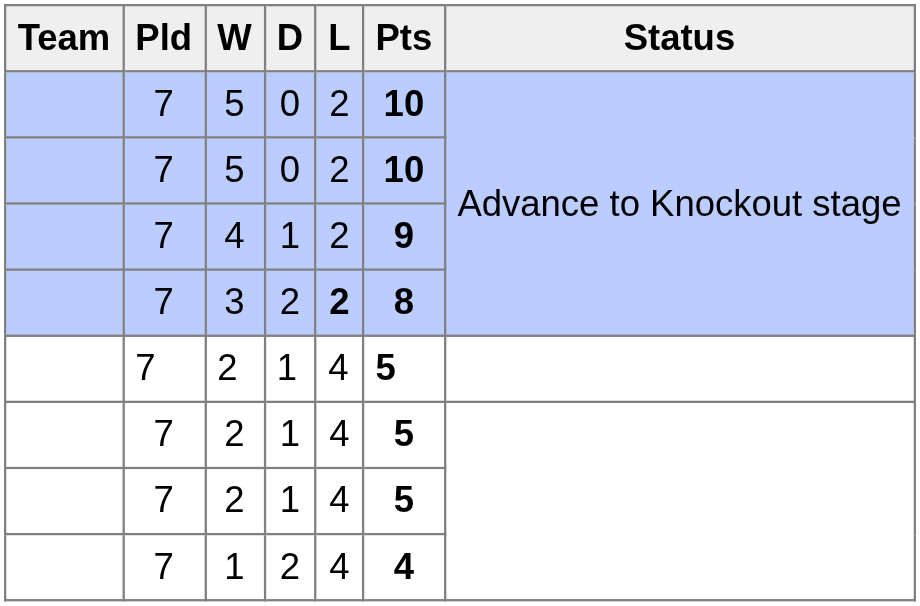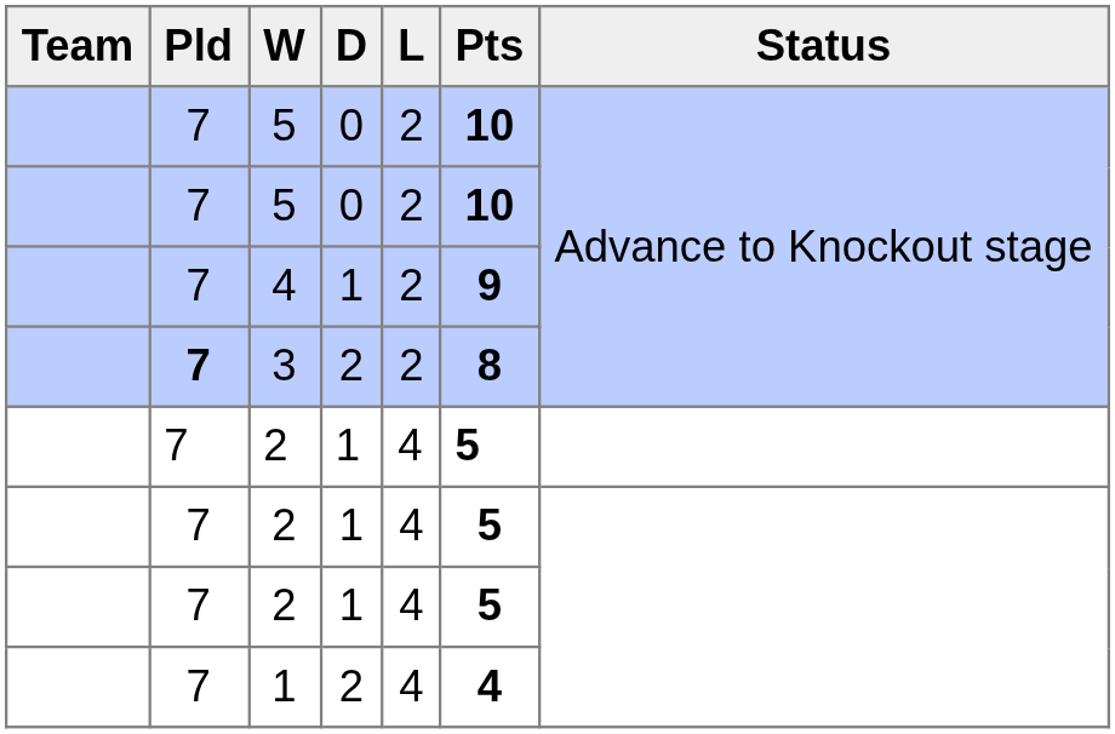 <table style=border-collapse:collapse border=1 cellspacing=0 cellpadding=5>
 <tr align=center bgcolor=#efefef>
 <th>Team</th>
 <th>Pld</th>
 <th>W</th>
 <th>D</th>
 <th>L</th>
 <th>Pts</th>
 <th>Status</th>
 </tr>
 <tr align=center style="background:#bbccff;">
 <td style="text-align:left;"> </td>
 <td>7</td>
 <td>5</td>
 <td>0</td>
 <td>2</td>
 <td><strong>10</strong></td>
 <td rowspan="4">Advance to Knockout stage</td>
 </tr>
 <tr align=center style="background:#bbccff;">
 <td style="text-align:left;"> </td>
 <td>7</td>
 <td>5</td>
 <td>0</td>
 <td>2</td>
 <td><strong>10</strong></td>
 </tr>
 <tr align=center style="background:#bbccff;">
 <td style="text-align:left;"> </td>
 <td>7</td>
 <td>4</td>
 <td>1</td>
 <td>2</td>
 <td><strong>9</strong></td>
 </tr>
 <tr align=center style="background:#bbccff;">
 <td style="text-align:left;"> </td>
-<td>7</td>
+<td><strong>7</strong></td>
 <td>3</td>
 <td>2</td>
-<td><strong>2</strong></td>
+<td>2</td>
 <td><strong>8</strong></td>
 </tr>
 <tr>
 <td style="text-align:left;"> </td>
 <td>7</td>
 <td>2</td>
 <td>1</td>
 <td>4</td>
 <td><strong>5</strong></td>
 <td></td>
 </tr>
 <tr align=center style="background:#FFFFFF;">
 <td style="text-align:left;"> </td>
 <td>7</td>
 <td>2</td>
 <td>1</td>
 <td>4</td>
 <td><strong>5</strong></td>
 <td rowspan=3></td>
 </tr>
 <tr align=center style="background:#FFFFFF;">
 <td style="text-align:left;"> </td>
 <td>7</td>
 <td>2</td>
 <td>1</td>
 <td>4</td>
 <td><strong>5</strong></td>
 </tr>
 <tr align=center style="background:#FFFFFF;">
 <td style="text-align:left;"> </td>
 <td>7</td>
 <td>1</td>
 <td>2</td>
 <td>4</td>
 <td><strong>4</strong></td>
 </tr>
 </table>
